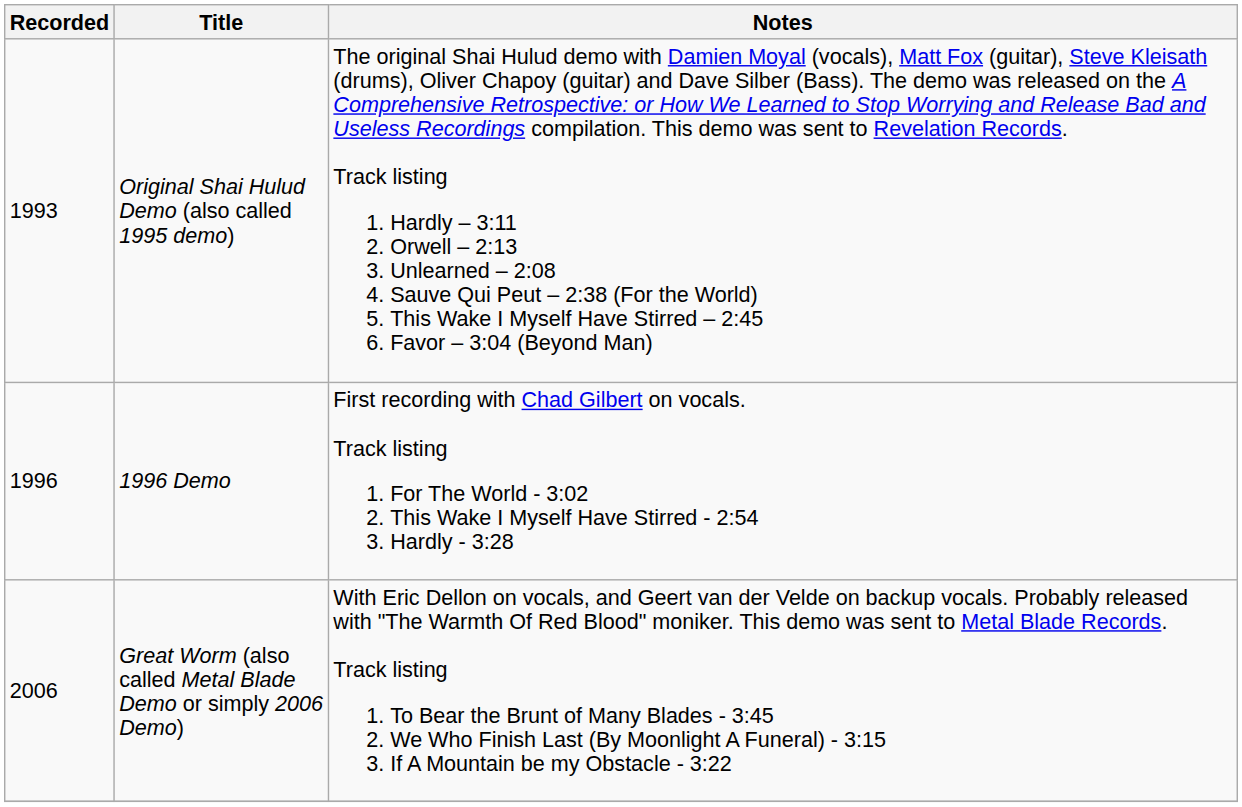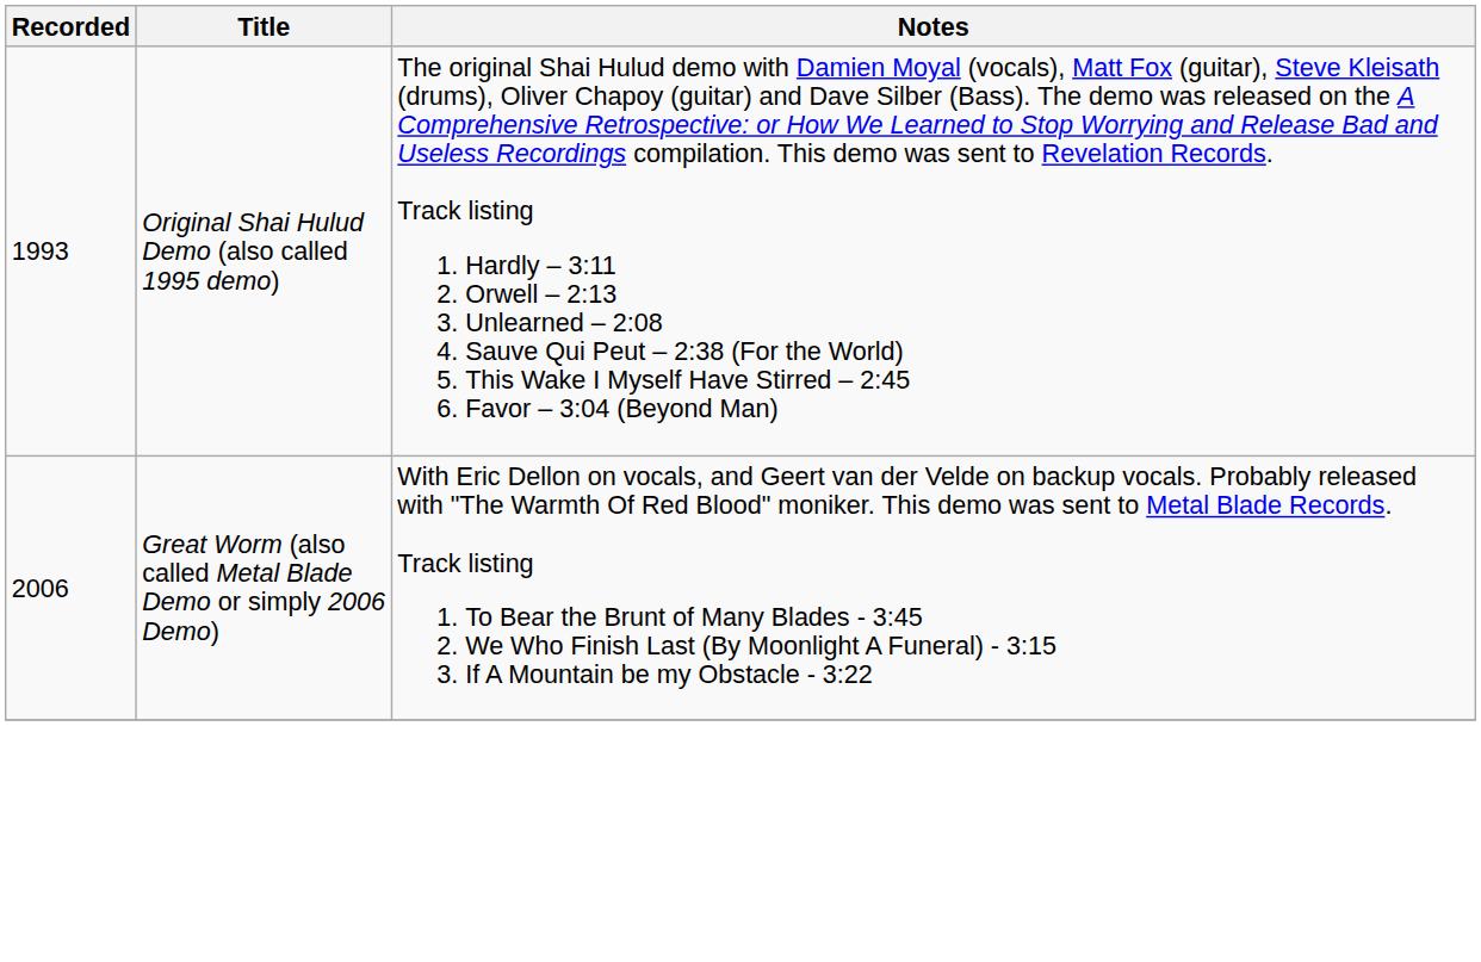 <table class="wikitable" style="font-size: 95%;">
 <tr>
 <th>Recorded</th>
 <th>Title</th>
 <th>Notes</th>
 </tr>
 <tr>
 <td>1993</td>
 <td><em>Original Shai Hulud Demo</em> (also called <em>1995 demo</em>)</td>
 <td>The original Shai Hulud demo with <a href='#'>Damien Moyal</a> (vocals), <a href='#'>Matt Fox</a> (guitar), <a href='#'>Steve Kleisath</a> (drums), Oliver Chapoy (guitar) and Dave Silber (Bass). The demo was released on the <em><a href='#'>A Comprehensive Retrospective: or How We Learned to Stop Worrying and Release Bad and Useless Recordings</a></em> compilation. This demo was sent to <a href='#'>Revelation Records</a>.<br><br>Track listing<ol><li>Hardly – 3:11</li><li>Orwell – 2:13</li><li>Unlearned – 2:08</li><li>Sauve Qui Peut – 2:38 (For the World)</li><li>This Wake I Myself Have Stirred – 2:45</li><li>Favor – 3:04 (Beyond Man)</li></ol></td>
 </tr>
 <tr>
-<td>1996</td>
-<td><em>1996 Demo</em></td>
-<td>First recording with <a href='#'>Chad Gilbert</a> on vocals.<br><br>Track listing<ol><li>For The World - 3:02</li><li>This Wake I Myself Have Stirred - 2:54</li><li>Hardly - 3:28</li></ol></td>
-</tr>
-<tr>
 <td>2006</td>
 <td><em>Great Worm</em> (also called <em>Metal Blade Demo</em> or simply <em>2006 Demo</em>)</td>
 <td>With Eric Dellon on vocals, and Geert van der Velde on backup vocals. Probably released with "The Warmth Of Red Blood" moniker. This demo was sent to <a href='#'>Metal Blade Records</a>.<br><br>Track listing<ol><li>To Bear the Brunt of Many Blades - 3:45</li><li>We Who Finish Last (By Moonlight A Funeral) - 3:15</li><li>If A Mountain be my Obstacle - 3:22</li></ol></td>
 </tr>
 <tr>
 </tr>
 </table>
